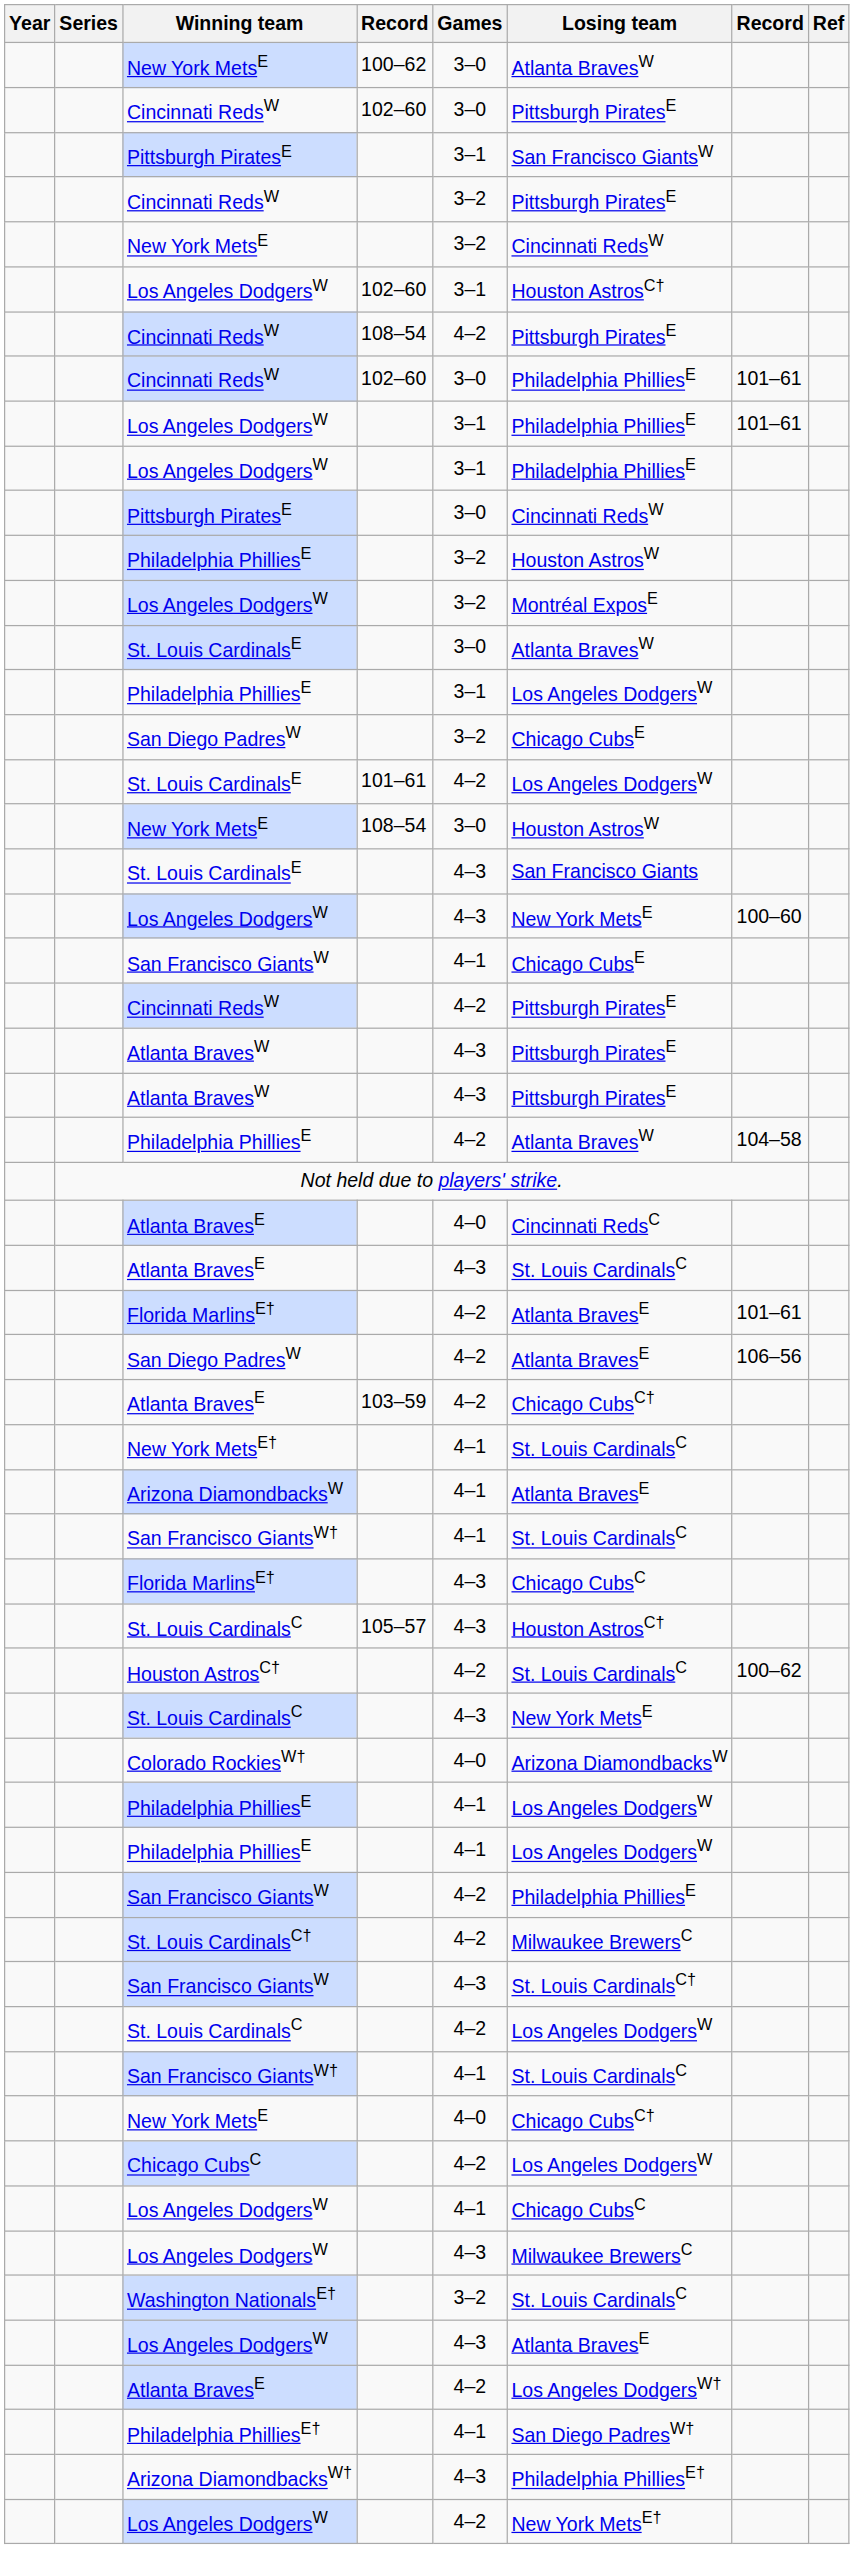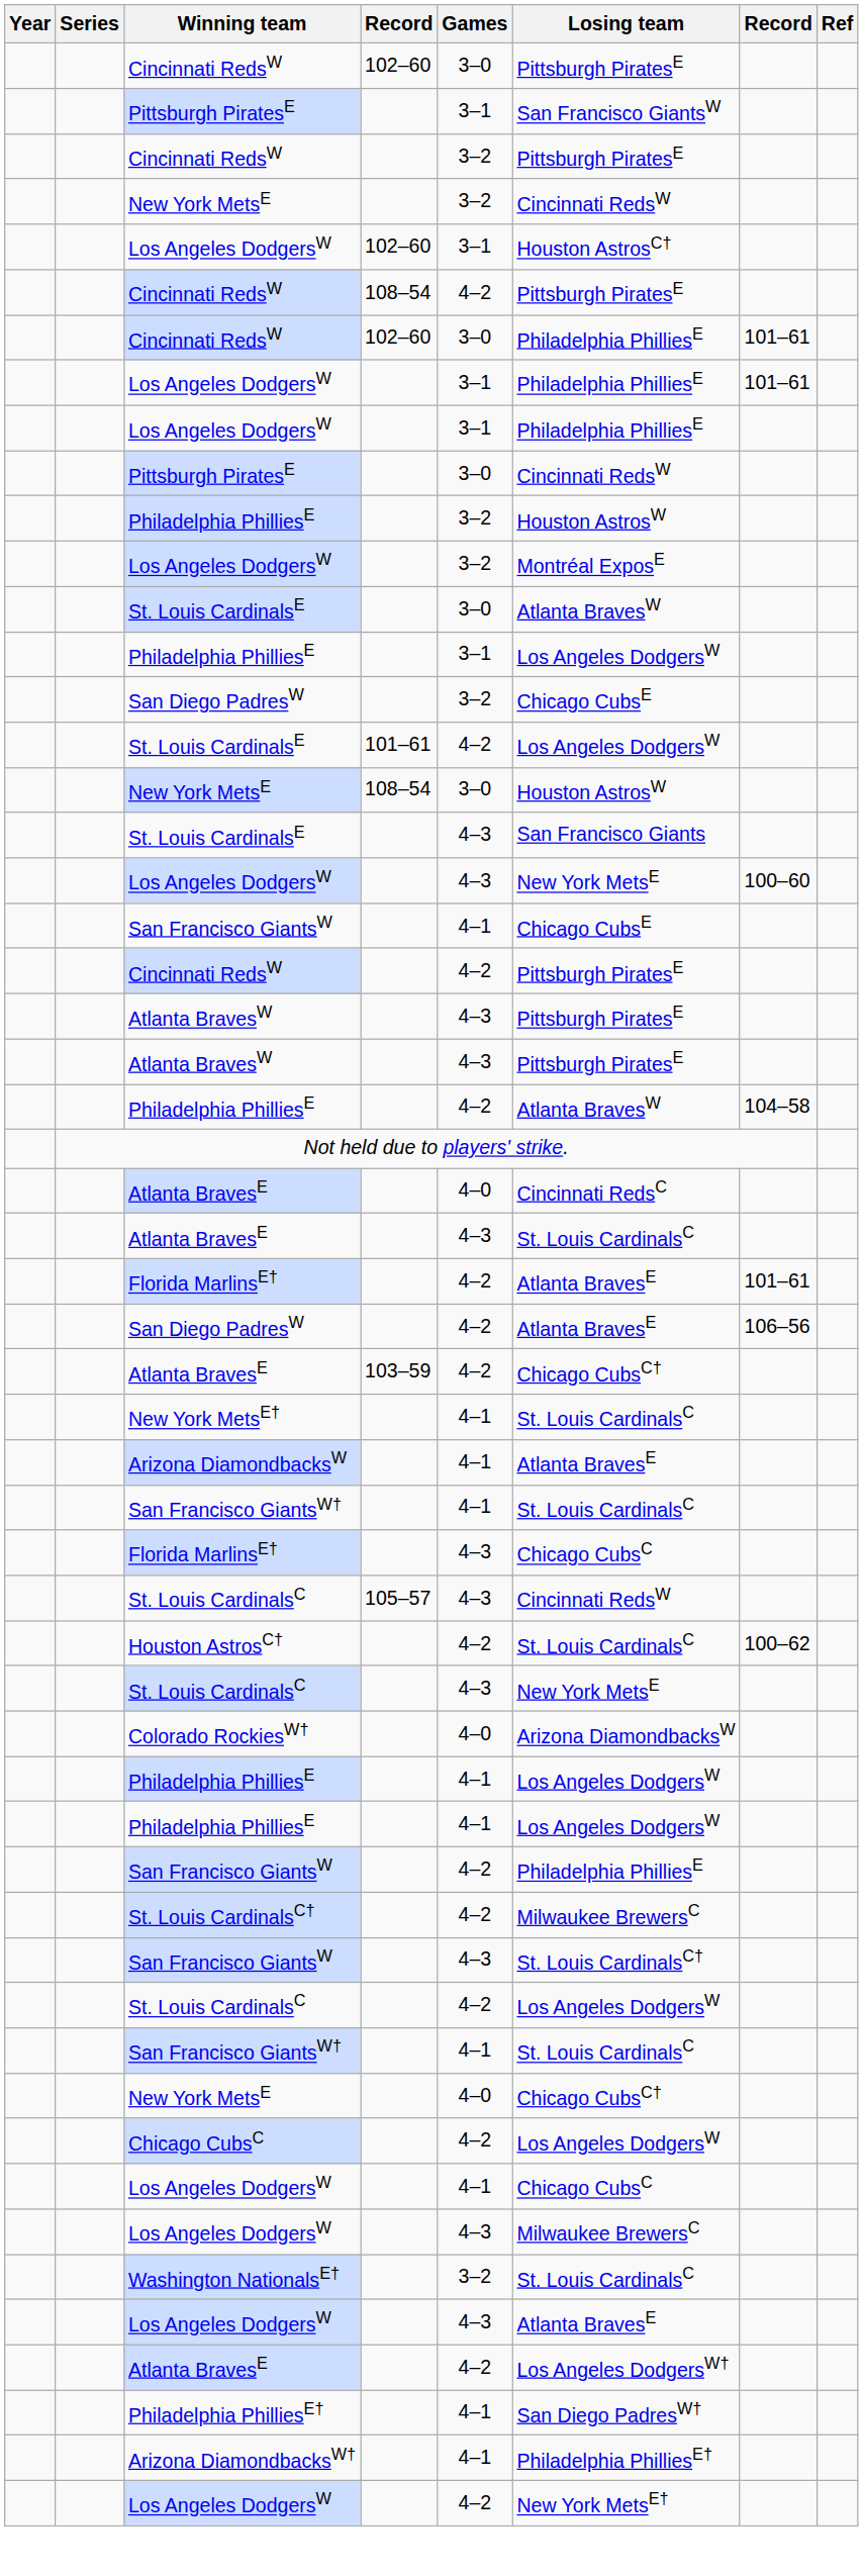 <table class="wikitable sortable sticky-header" style="font-size:1.00em; line-height:1.5em;">
 <tr>
 <th scope="col">Year</th>
 <th scope="col" class="unsortable">Series</th>
 <th scope="col">Winning team</th>
 <th scope="col">Record</th>
 <th scope="col" class="unsortable">Games</th>
 <th scope="col">Losing team</th>
 <th scope="col">Record</th>
 <th scope="col" class="unsortable">Ref</th>
-</tr>
-<tr>
-<td align="center"></td>
-<td align="center"></td>
-<td bgcolor="#ccddff"><a href='#'>New York Mets</a><sup>E</sup></td>
-<td>100–62</td>
-<td align="center">3–0</td>
-<td><a href='#'>Atlanta Braves</a><sup>W</sup></td>
-<td></td>
-<td></td>
 </tr>
 <tr>
 <td align="center"></td>
 <td align="center"></td>
 <td><a href='#'>Cincinnati Reds</a><sup>W</sup></td>
 <td>102–60</td>
 <td align="center">3–0</td>
 <td><a href='#'>Pittsburgh Pirates</a><sup>E</sup></td>
 <td></td>
 <td></td>
 </tr>
 <tr>
 <td align="center"></td>
 <td align="center"></td>
 <td bgcolor="#ccddff"><a href='#'>Pittsburgh Pirates</a><sup>E</sup></td>
 <td></td>
 <td align="center">3–1</td>
 <td><a href='#'>San Francisco Giants</a><sup>W</sup></td>
 <td></td>
 <td></td>
 </tr>
 <tr>
 <td align="center"></td>
 <td align="center"></td>
 <td><a href='#'>Cincinnati Reds</a><sup>W</sup></td>
 <td></td>
 <td align="center">3–2</td>
 <td><a href='#'>Pittsburgh Pirates</a><sup>E</sup></td>
 <td></td>
 <td></td>
 </tr>
 <tr>
 <td align="center"></td>
 <td align="center"></td>
 <td><a href='#'>New York Mets</a><sup>E</sup></td>
 <td></td>
 <td align="center">3–2</td>
 <td><a href='#'>Cincinnati Reds</a><sup>W</sup></td>
 <td></td>
 <td></td>
 </tr>
 <tr>
 <td align="center"></td>
 <td align="center"></td>
 <td><a href='#'>Los Angeles Dodgers</a><sup>W</sup></td>
 <td>102–60</td>
 <td align="center">3–1</td>
 <td><a href='#'>Houston Astros</a><sup>C†</sup></td>
 <td></td>
 <td></td>
 </tr>
 <tr>
 <td align="center"></td>
 <td align="center"></td>
 <td bgcolor="#ccddff"><a href='#'>Cincinnati Reds</a><sup>W</sup></td>
 <td>108–54</td>
 <td align="center">4–2</td>
 <td><a href='#'>Pittsburgh Pirates</a><sup>E</sup></td>
 <td></td>
 <td></td>
 </tr>
 <tr>
 <td align="center"></td>
 <td align="center"></td>
 <td bgcolor="#ccddff"><a href='#'>Cincinnati Reds</a><sup>W</sup></td>
 <td>102–60</td>
 <td align="center">3–0</td>
 <td><a href='#'>Philadelphia Phillies</a><sup>E</sup></td>
 <td>101–61</td>
 <td></td>
 </tr>
 <tr>
 <td align="center"></td>
 <td align="center"></td>
 <td><a href='#'>Los Angeles Dodgers</a><sup>W</sup></td>
 <td></td>
 <td align="center">3–1</td>
 <td><a href='#'>Philadelphia Phillies</a><sup>E</sup></td>
 <td>101–61</td>
 <td></td>
 </tr>
 <tr>
 <td align="center"></td>
 <td align="center"></td>
 <td><a href='#'>Los Angeles Dodgers</a><sup>W</sup></td>
 <td></td>
 <td align="center">3–1</td>
 <td><a href='#'>Philadelphia Phillies</a><sup>E</sup></td>
 <td></td>
 <td></td>
 </tr>
 <tr>
 <td align="center"></td>
 <td align="center"></td>
 <td bgcolor="#ccddff"><a href='#'>Pittsburgh Pirates</a><sup>E</sup></td>
 <td></td>
 <td align="center">3–0</td>
 <td><a href='#'>Cincinnati Reds</a><sup>W</sup></td>
 <td></td>
 <td></td>
 </tr>
 <tr>
 <td align="center"></td>
 <td align="center"></td>
 <td bgcolor="#ccddff"><a href='#'>Philadelphia Phillies</a><sup>E</sup></td>
 <td></td>
 <td align="center">3–2</td>
 <td><a href='#'>Houston Astros</a><sup>W</sup></td>
 <td></td>
 <td></td>
 </tr>
 <tr>
 <td align="center"></td>
 <td align="center"></td>
 <td bgcolor="#ccddff"><a href='#'>Los Angeles Dodgers</a><sup>W</sup></td>
 <td></td>
 <td align="center">3–2</td>
 <td><a href='#'>Montréal Expos</a><sup>E</sup></td>
 <td></td>
 <td></td>
 </tr>
 <tr>
 <td align="center"></td>
 <td align="center"></td>
 <td bgcolor="#ccddff"><a href='#'>St. Louis Cardinals</a><sup>E</sup></td>
 <td></td>
 <td align="center">3–0</td>
 <td><a href='#'>Atlanta Braves</a><sup>W</sup></td>
 <td></td>
 <td></td>
 </tr>
 <tr>
 <td align="center"></td>
 <td align="center"></td>
 <td><a href='#'>Philadelphia Phillies</a><sup>E</sup></td>
 <td></td>
 <td align="center">3–1</td>
 <td><a href='#'>Los Angeles Dodgers</a><sup>W</sup></td>
 <td></td>
 <td></td>
 </tr>
 <tr>
 <td align="center"></td>
 <td align="center"></td>
 <td><a href='#'>San Diego Padres</a><sup>W</sup></td>
 <td></td>
 <td align="center">3–2</td>
 <td><a href='#'>Chicago Cubs</a><sup>E</sup></td>
 <td></td>
 <td></td>
 </tr>
 <tr>
 <td align="center"></td>
 <td align="center"></td>
 <td><a href='#'>St. Louis Cardinals</a><sup>E</sup></td>
 <td>101–61</td>
 <td align="center">4–2</td>
 <td><a href='#'>Los Angeles Dodgers</a><sup>W</sup></td>
 <td></td>
 <td></td>
 </tr>
 <tr>
 <td align="center"></td>
 <td align="center"></td>
 <td bgcolor="#ccddff"><a href='#'>New York Mets</a><sup>E</sup></td>
 <td>108–54</td>
 <td align="center">3–0</td>
 <td><a href='#'>Houston Astros</a><sup>W</sup></td>
 <td></td>
 <td></td>
 </tr>
 <tr>
 <td align="center"></td>
 <td align="center"></td>
 <td><a href='#'>St. Louis Cardinals</a><sup>E</sup></td>
 <td></td>
 <td align="center">4–3</td>
 <td><a href='#'>San Francisco Giants</a></td>
 <td></td>
 <td></td>
 </tr>
 <tr>
 <td align="center"></td>
 <td align="center"></td>
 <td bgcolor="#ccddff"><a href='#'>Los Angeles Dodgers</a><sup>W</sup></td>
 <td></td>
 <td align="center">4–3</td>
 <td><a href='#'>New York Mets</a><sup>E</sup></td>
 <td>100–60</td>
 <td></td>
 </tr>
 <tr>
 <td align="center"></td>
 <td align="center"></td>
 <td><a href='#'>San Francisco Giants</a><sup>W</sup></td>
 <td></td>
 <td align="center">4–1</td>
 <td><a href='#'>Chicago Cubs</a><sup>E</sup></td>
 <td></td>
 <td></td>
 </tr>
 <tr>
 <td align="center"></td>
 <td align="center"></td>
 <td bgcolor="#ccddff"><a href='#'>Cincinnati Reds</a><sup>W</sup></td>
 <td></td>
 <td align="center">4–2</td>
 <td><a href='#'>Pittsburgh Pirates</a><sup>E</sup></td>
 <td></td>
 <td></td>
 </tr>
 <tr>
 <td align="center"></td>
 <td align="center"></td>
 <td><a href='#'>Atlanta Braves</a><sup>W</sup></td>
 <td></td>
 <td align="center">4–3</td>
 <td><a href='#'>Pittsburgh Pirates</a><sup>E</sup></td>
 <td></td>
 <td></td>
 </tr>
 <tr>
 <td align="center"></td>
 <td align="center"></td>
 <td><a href='#'>Atlanta Braves</a><sup>W</sup></td>
 <td></td>
 <td align="center">4–3</td>
 <td><a href='#'>Pittsburgh Pirates</a><sup>E</sup></td>
 <td></td>
 <td></td>
 </tr>
 <tr>
 <td align="center"></td>
 <td align="center"></td>
 <td><a href='#'>Philadelphia Phillies</a><sup>E</sup></td>
 <td></td>
 <td align="center">4–2</td>
 <td><a href='#'>Atlanta Braves</a><sup>W</sup></td>
 <td>104–58</td>
 <td></td>
 </tr>
 <tr>
 <td align="center"></td>
 <td colspan="6" align="center"><em>Not held due to <a href='#'>players' strike</a>.</em></td>
 <td></td>
 </tr>
 <tr>
 <td align="center"></td>
 <td align="center"></td>
 <td bgcolor="#ccddff"><a href='#'>Atlanta Braves</a><sup>E</sup></td>
 <td></td>
 <td align="center">4–0</td>
 <td><a href='#'>Cincinnati Reds</a><sup>C</sup></td>
 <td></td>
 <td></td>
 </tr>
 <tr>
 <td align="center"></td>
 <td align="center"></td>
 <td><a href='#'>Atlanta Braves</a><sup>E</sup></td>
 <td></td>
 <td align="center">4–3</td>
 <td><a href='#'>St. Louis Cardinals</a><sup>C</sup></td>
 <td></td>
 <td></td>
 </tr>
 <tr>
 <td align="center"></td>
 <td align="center"></td>
 <td bgcolor="#ccddff"><a href='#'>Florida Marlins</a><sup>E†</sup></td>
 <td></td>
 <td align="center">4–2</td>
 <td><a href='#'>Atlanta Braves</a><sup>E</sup></td>
 <td>101–61</td>
 <td></td>
 </tr>
 <tr>
 <td align="center"></td>
 <td align="center"></td>
 <td><a href='#'>San Diego Padres</a><sup>W</sup></td>
 <td></td>
 <td align="center">4–2</td>
 <td><a href='#'>Atlanta Braves</a><sup>E</sup></td>
 <td>106–56</td>
 <td></td>
 </tr>
 <tr>
 <td align="center"></td>
 <td align="center"></td>
 <td><a href='#'>Atlanta Braves</a><sup>E</sup></td>
 <td>103–59</td>
 <td align="center">4–2</td>
 <td><a href='#'>Chicago Cubs</a><sup>C†</sup></td>
 <td></td>
 <td></td>
 </tr>
 <tr>
 <td align="center"></td>
 <td align="center"></td>
 <td><a href='#'>New York Mets</a><sup>E†</sup></td>
 <td></td>
 <td align="center">4–1</td>
 <td><a href='#'>St. Louis Cardinals</a><sup>C</sup></td>
 <td></td>
 <td></td>
 </tr>
 <tr>
 <td align="center"></td>
 <td align="center"></td>
 <td bgcolor="#ccddff"><a href='#'>Arizona Diamondbacks</a><sup>W</sup></td>
 <td></td>
 <td align="center">4–1</td>
 <td><a href='#'>Atlanta Braves</a><sup>E</sup></td>
 <td></td>
 <td></td>
 </tr>
 <tr>
 <td align="center"></td>
 <td align="center"></td>
 <td><a href='#'>San Francisco Giants</a><sup>W†</sup></td>
 <td></td>
 <td align="center">4–1</td>
 <td><a href='#'>St. Louis Cardinals</a><sup>C</sup></td>
 <td></td>
 <td></td>
 </tr>
 <tr>
 <td align="center"></td>
 <td align="center"></td>
 <td bgcolor="#ccddff"><a href='#'>Florida Marlins</a><sup>E†</sup></td>
 <td></td>
 <td align="center">4–3</td>
 <td><a href='#'>Chicago Cubs</a><sup>C</sup></td>
 <td></td>
 <td></td>
 </tr>
 <tr>
 <td align="center"></td>
 <td align="center"></td>
 <td><a href='#'>St. Louis Cardinals</a><sup>C</sup></td>
 <td>105–57</td>
 <td align="center">4–3</td>
-<td><a href='#'>Houston Astros</a><sup>C†</sup></td>
+<td><a href='#'>Cincinnati Reds</a><sup>W</sup></td>
 <td></td>
 <td></td>
 </tr>
 <tr>
 <td align="center"></td>
 <td align="center"></td>
 <td><a href='#'>Houston Astros</a><sup>C†</sup></td>
 <td></td>
 <td align="center">4–2</td>
 <td><a href='#'>St. Louis Cardinals</a><sup>C</sup></td>
 <td>100–62</td>
 <td></td>
 </tr>
 <tr>
 <td align="center"></td>
 <td align="center"></td>
 <td bgcolor="#ccddff"><a href='#'>St. Louis Cardinals</a><sup>C</sup></td>
 <td></td>
 <td align="center">4–3</td>
 <td><a href='#'>New York Mets</a><sup>E</sup></td>
 <td></td>
 <td></td>
 </tr>
 <tr>
 <td align="center"></td>
 <td align="center"></td>
 <td><a href='#'>Colorado Rockies</a><sup>W†</sup></td>
 <td></td>
 <td align="center">4–0</td>
 <td><a href='#'>Arizona Diamondbacks</a><sup>W</sup></td>
 <td></td>
 <td></td>
 </tr>
 <tr>
 <td align="center"></td>
 <td align="center"></td>
 <td bgcolor="#ccddff"><a href='#'>Philadelphia Phillies</a><sup>E</sup></td>
 <td></td>
 <td align="center">4–1</td>
 <td><a href='#'>Los Angeles Dodgers</a><sup>W</sup></td>
 <td></td>
 <td></td>
 </tr>
 <tr>
 <td align="center"></td>
 <td align="center"></td>
 <td><a href='#'>Philadelphia Phillies</a><sup>E</sup></td>
 <td></td>
 <td align="center">4–1</td>
 <td><a href='#'>Los Angeles Dodgers</a><sup>W</sup></td>
 <td></td>
 <td></td>
 </tr>
 <tr>
 <td align="center"></td>
 <td align="center"></td>
 <td bgcolor="#ccddff"><a href='#'>San Francisco Giants</a><sup>W</sup></td>
 <td></td>
 <td align="center">4–2</td>
 <td><a href='#'>Philadelphia Phillies</a><sup>E</sup></td>
 <td></td>
 <td></td>
 </tr>
 <tr>
 <td align="center"></td>
 <td align="center"></td>
 <td bgcolor="#ccddff"><a href='#'>St. Louis Cardinals</a><sup>C†</sup></td>
 <td></td>
 <td align="center">4–2</td>
 <td><a href='#'>Milwaukee Brewers</a><sup>C</sup></td>
 <td></td>
 <td></td>
 </tr>
 <tr>
 <td align="center"></td>
 <td align="center"></td>
 <td bgcolor="#ccddff"><a href='#'>San Francisco Giants</a><sup>W</sup></td>
 <td></td>
 <td align="center">4–3</td>
 <td><a href='#'>St. Louis Cardinals</a><sup>C†</sup></td>
 <td></td>
 <td></td>
 </tr>
 <tr>
 <td align="center"></td>
 <td align="center"></td>
 <td><a href='#'>St. Louis Cardinals</a><sup>C</sup></td>
 <td></td>
 <td align="center">4–2</td>
 <td><a href='#'>Los Angeles Dodgers</a><sup>W</sup></td>
 <td></td>
 <td></td>
 </tr>
 <tr>
 <td align="center"></td>
 <td align="center"></td>
 <td bgcolor="#ccddff"><a href='#'>San Francisco Giants</a><sup>W†</sup></td>
 <td></td>
 <td align="center">4–1</td>
 <td><a href='#'>St. Louis Cardinals</a><sup>C</sup></td>
 <td></td>
 <td></td>
 </tr>
 <tr>
 <td align="center"></td>
 <td align="center"></td>
 <td><a href='#'>New York Mets</a><sup>E</sup></td>
 <td></td>
 <td align="center">4–0</td>
 <td><a href='#'>Chicago Cubs</a><sup>C†</sup></td>
 <td></td>
 <td></td>
 </tr>
 <tr>
 <td align="center"></td>
 <td align="center"></td>
 <td bgcolor="#ccddff"><a href='#'>Chicago Cubs</a><sup>C</sup></td>
 <td></td>
 <td align="center">4–2</td>
 <td><a href='#'>Los Angeles Dodgers</a><sup>W</sup></td>
 <td></td>
 <td></td>
 </tr>
 <tr>
 <td align="center"></td>
 <td align="center"></td>
 <td><a href='#'>Los Angeles Dodgers</a><sup>W</sup></td>
 <td></td>
 <td align="center">4–1</td>
 <td><a href='#'>Chicago Cubs</a><sup>C</sup></td>
 <td></td>
 <td></td>
 </tr>
 <tr>
 <td align="center"></td>
 <td align="center"></td>
 <td><a href='#'>Los Angeles Dodgers</a><sup>W</sup></td>
 <td></td>
 <td align="center">4–3</td>
 <td><a href='#'>Milwaukee Brewers</a><sup>C</sup></td>
 <td></td>
 <td></td>
 </tr>
 <tr>
 <td align="center"></td>
 <td align="center"></td>
 <td bgcolor="ccddff"><a href='#'>Washington Nationals</a><sup>E†</sup></td>
 <td></td>
 <td align="center">3–2</td>
 <td><a href='#'>St. Louis Cardinals</a><sup>C</sup></td>
 <td></td>
 <td></td>
 </tr>
 <tr>
 <td align="center"></td>
 <td align="center"></td>
 <td bgcolor="ccddff"><a href='#'>Los Angeles Dodgers</a><sup>W</sup></td>
 <td></td>
 <td align="center">4–3</td>
 <td><a href='#'>Atlanta Braves</a><sup>E</sup></td>
 <td></td>
 <td></td>
 </tr>
 <tr>
 <td align="center"></td>
 <td align="center"></td>
 <td bgcolor="ccddff"><a href='#'>Atlanta Braves</a><sup>E</sup></td>
 <td></td>
 <td align="center">4–2</td>
 <td><a href='#'>Los Angeles Dodgers</a><sup>W†</sup></td>
 <td></td>
 <td></td>
 </tr>
 <tr>
 <td align="center"></td>
 <td align="center"></td>
 <td><a href='#'>Philadelphia Phillies</a><sup>E†</sup></td>
 <td></td>
 <td align="center">4–1</td>
 <td><a href='#'>San Diego Padres</a><sup>W†</sup></td>
 <td></td>
 <td></td>
 </tr>
 <tr>
 <td align="center"></td>
 <td align="center"></td>
 <td><a href='#'>Arizona Diamondbacks</a><sup>W†</sup></td>
 <td></td>
-<td align="center">4–3</td>
+<td align="center">4–1</td>
 <td><a href='#'>Philadelphia Phillies</a><sup>E†</sup></td>
 <td></td>
 <td></td>
 </tr>
 <tr>
 <td align="center"></td>
 <td align="center"></td>
 <td bgcolor="ccddff"><a href='#'>Los Angeles Dodgers</a><sup>W</sup></td>
 <td></td>
 <td align="center">4–2</td>
 <td><a href='#'>New York Mets</a><sup>E†</sup></td>
 <td></td>
 <td></td>
 </tr>
 </table>
